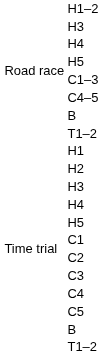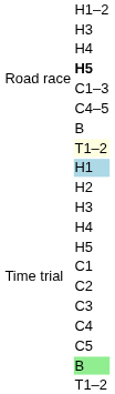 <table>
 <tr>
 <td rowspan=8>Road race<br></td>
 <td>H1–2<br></td>
 <td></td>
 <td></td>
 <td></td>
 </tr>
 <tr>
 <td>H3<br></td>
 <td></td>
 <td></td>
 <td></td>
 </tr>
 <tr>
 <td>H4<br></td>
 <td></td>
 <td></td>
 <td></td>
 </tr>
 <tr>
-<td>H5<br></td>
+<td><strong>H5<br></strong></td>
 <td></td>
 <td></td>
 <td></td>
 </tr>
 <tr>
 <td>C1–3<br></td>
 <td></td>
 <td></td>
 <td></td>
 </tr>
 <tr>
 <td>C4–5<br></td>
 <td></td>
 <td></td>
 <td></td>
 </tr>
 <tr>
 <td>B<br></td>
 <td></td>
 <td></td>
 <td></td>
 </tr>
 <tr>
-<td>T1–2<br></td>
+<td style="background: lightyellow;">T1–2<br></td>
 <td></td>
 <td></td>
 <td></td>
 </tr>
 <tr>
 <td rowspan=12>Time trial<br></td>
-<td>H1<br></td>
+<td style="background: lightblue;">H1<br></td>
 <td></td>
 <td></td>
 <td></td>
 </tr>
 <tr>
 <td>H2<br></td>
 <td></td>
 <td></td>
 <td></td>
 </tr>
 <tr>
 <td>H3<br></td>
 <td></td>
 <td></td>
 <td></td>
 </tr>
 <tr>
 <td>H4<br></td>
 <td></td>
 <td></td>
 <td></td>
 </tr>
 <tr>
 <td>H5<br></td>
 <td></td>
 <td></td>
 <td></td>
 </tr>
 <tr>
 <td>C1<br></td>
 <td></td>
 <td></td>
 <td></td>
 </tr>
 <tr>
 <td>C2<br></td>
 <td></td>
 <td></td>
 <td></td>
 </tr>
 <tr>
 <td>C3<br></td>
 <td></td>
 <td></td>
 <td></td>
 </tr>
 <tr>
 <td>C4<br></td>
 <td></td>
 <td></td>
 <td></td>
 </tr>
 <tr>
 <td>C5<br></td>
 <td></td>
 <td></td>
 <td></td>
 </tr>
 <tr>
-<td>B<br></td>
+<td style="background: lightgreen;">B<br></td>
 <td></td>
 <td></td>
 <td></td>
 </tr>
 <tr>
 <td>T1–2<br></td>
 <td></td>
 <td></td>
 <td></td>
 </tr>
 </table>
